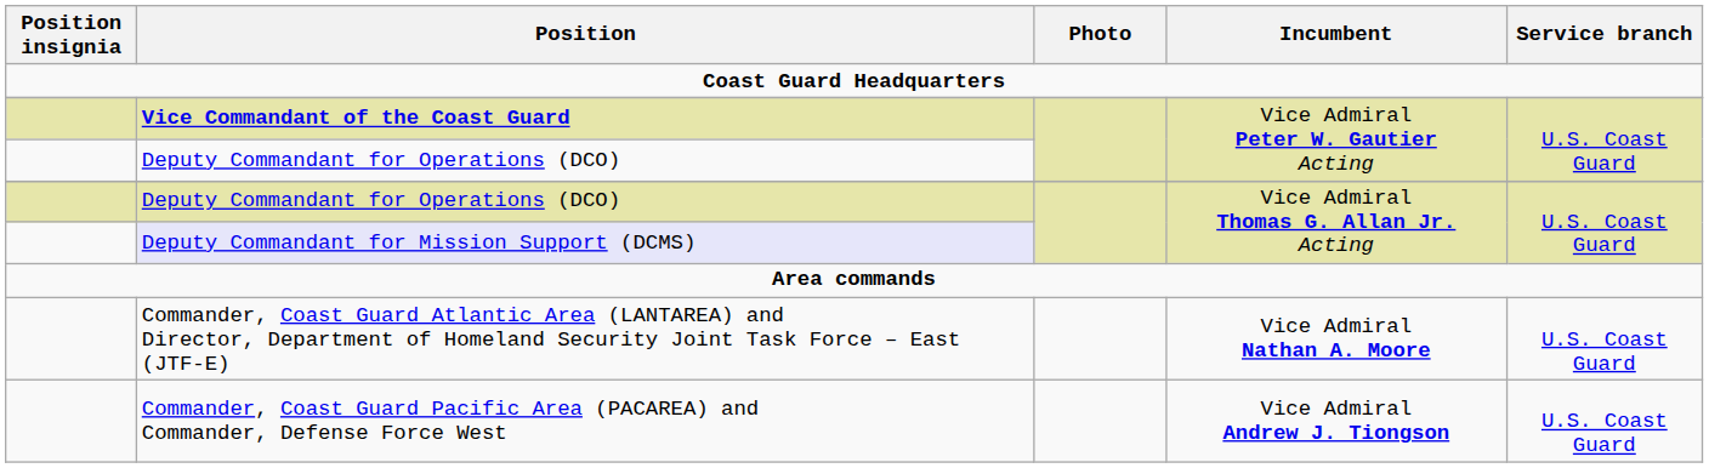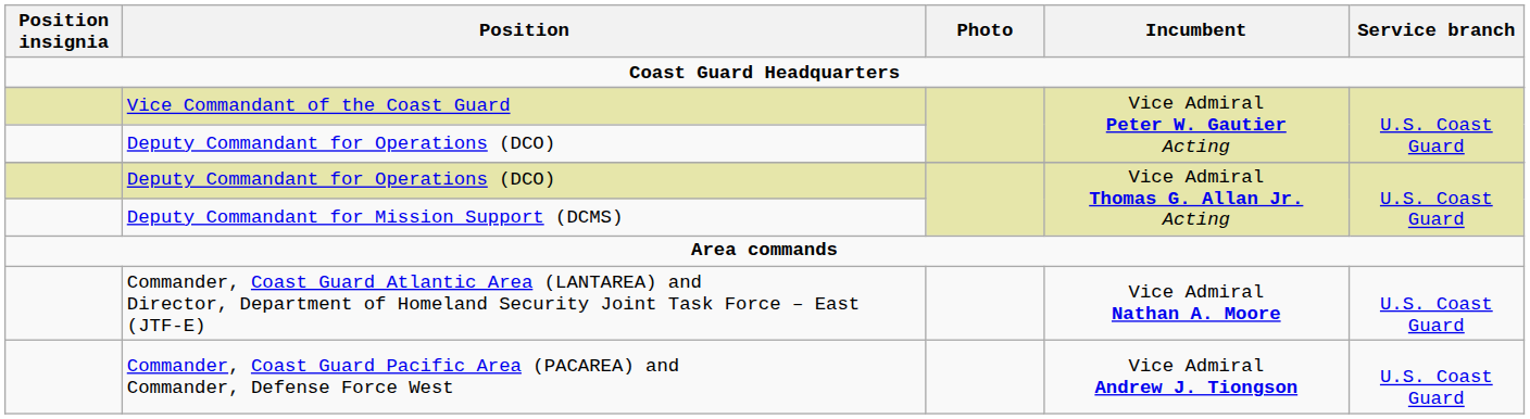 <table class="wikitable">
 <tr>
 <th width="75" style="text-align:center">Position insignia</th>
 <th width="550" style="text-align:center">Position</th>
 <th width="75" style="text-align:center">Photo</th>
 <th width="205" style="text-align:center">Incumbent</th>
 <th width="115" style="text-align:center">Service branch</th>
 </tr>
 <tr>
 <td colspan="5" style="text-align:center"><strong>Coast Guard Headquarters</strong></td>
 </tr>
 <tr>
 </tr>
 <tr style=background:#e6e6aa;>
 <td></td>
-<td><strong><a href='#'>Vice Commandant of the Coast Guard</a></strong></td>
+<td><a href='#'>Vice Commandant of the Coast Guard</a></td>
 <td rowspan="2"></td>
 <td rowspan="2" style="text-align:center">Vice Admiral<br><strong><a href='#'>Peter W. Gautier</a></strong><br><em>Acting</em></td>
 <td rowspan="2" style="text-align:center"><br><a href='#'>U.S. Coast Guard</a></td>
 </tr>
 <tr>
 <td></td>
 <td><a href='#'>Deputy Commandant for Operations</a> (DCO)</td>
 </tr>
 <tr>
 </tr>
 <tr style=background:#e6e6aa;>
 <td></td>
 <td><a href='#'>Deputy Commandant for Operations</a> (DCO)</td>
 <td rowspan="2"></td>
 <td rowspan="2" style="text-align:center">Vice Admiral<br><strong><a href='#'>Thomas G. Allan Jr.</a></strong><br><em>Acting</em></td>
 <td rowspan="2" style="text-align:center"><br><a href='#'>U.S. Coast Guard</a></td>
 </tr>
 <tr>
 <td></td>
-<td style="background: lavender;"><a href='#'>Deputy Commandant for Mission Support</a> (DCMS)</td>
+<td><a href='#'>Deputy Commandant for Mission Support</a> (DCMS)</td>
 </tr>
 <tr>
 <td colspan="5" style="text-align:center"><strong>Area commands</strong></td>
 </tr>
 <tr>
 <td></td>
 <td>Commander, <a href='#'>Coast Guard Atlantic Area</a> (LANTAREA) and<br>Director, Department of Homeland Security Joint Task Force – East (JTF-E)</td>
 <td></td>
 <td style="text-align:center">Vice Admiral<br><strong><a href='#'>Nathan A. Moore</a></strong></td>
 <td style="text-align:center"><br><a href='#'>U.S. Coast Guard</a></td>
 </tr>
 <tr>
 <td></td>
 <td><a href='#'>Commander</a>, <a href='#'>Coast Guard Pacific Area</a> (PACAREA) and<br>Commander, Defense Force West</td>
 <td></td>
 <td style="text-align:center">Vice Admiral<br><strong><a href='#'>Andrew J. Tiongson</a></strong></td>
 <td style="text-align:center"><br><a href='#'>U.S. Coast Guard</a></td>
 </tr>
 </table>
